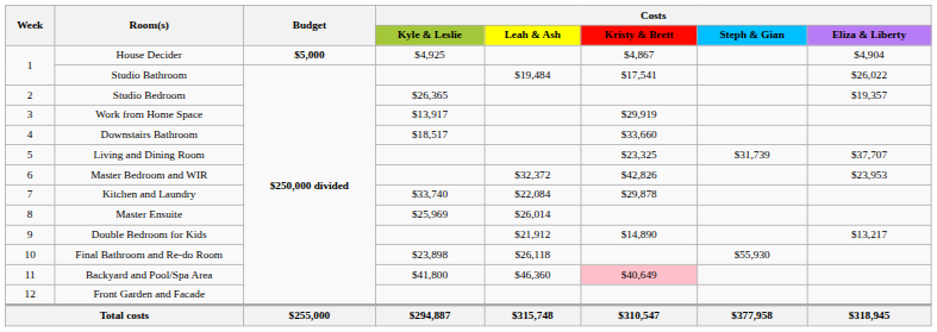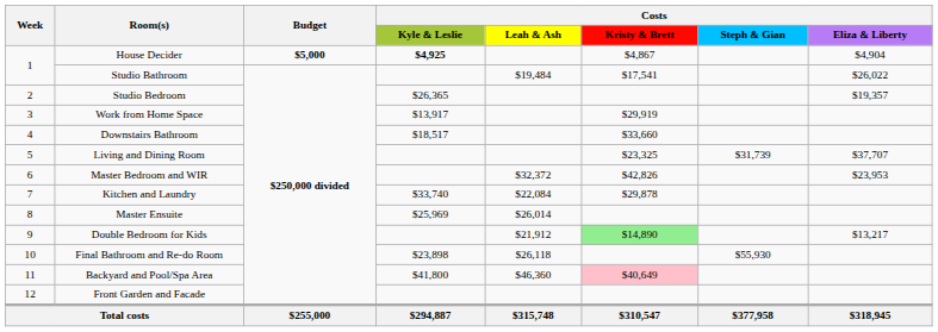 <table class="wikitable" style="text-align:center; font-size: 9pt; line-height:16px; width:80%">
 <tr>
 <th rowspan=2>Week</th>
 <th rowspan="2" style="width:200px;">Room(s)</th>
 <th rowspan="2">Budget</th>
 <th colspan=5>Costs</th>
 </tr>
 <tr>
 <th style="background:#A4C639; color:black;">Kyle & Leslie</th>
 <th style="background:yellow; color:black;">Leah & Ash</th>
 <th style="background:#FF0800; color:black;">Kristy & Brett</th>
 <th style="background:#00BFFF; color:black;">Steph & Gian</th>
 <th style="background:#B87BF6; color:black;">Eliza & Liberty</th>
 </tr>
 <tr>
 <td rowspan=2>1</td>
 <td>House Decider</td>
 <td><strong>$5,000</strong></td>
-<td>$4,925</td>
+<td><strong>$4,925</strong></td>
 <td></td>
 <td>$4,867</td>
 <td></td>
 <td>$4,904</td>
 </tr>
 <tr>
 <td>Studio Bathroom</td>
 <td rowspan=12><strong>$250,000 divided</strong></td>
 <td></td>
 <td>$19,484</td>
 <td>$17,541</td>
 <td></td>
 <td>$26,022</td>
 </tr>
 <tr>
 <td>2</td>
 <td>Studio Bedroom</td>
 <td>$26,365</td>
 <td></td>
 <td></td>
 <td></td>
 <td>$19,357</td>
 </tr>
 <tr>
 <td>3</td>
 <td>Work from Home Space</td>
 <td>$13,917</td>
 <td></td>
 <td>$29,919</td>
 <td></td>
 <td></td>
 </tr>
 <tr>
 <td>4</td>
 <td>Downstairs Bathroom</td>
 <td>$18,517</td>
 <td></td>
 <td>$33,660</td>
 <td></td>
 <td></td>
 </tr>
 <tr>
 <td>5</td>
 <td>Living and Dining Room</td>
 <td></td>
 <td></td>
 <td>$23,325</td>
 <td>$31,739</td>
 <td>$37,707</td>
 </tr>
 <tr>
 <td>6</td>
 <td>Master Bedroom and WIR</td>
 <td></td>
 <td>$32,372</td>
 <td>$42,826</td>
 <td></td>
 <td>$23,953</td>
 </tr>
 <tr>
 <td>7</td>
 <td>Kitchen and Laundry</td>
 <td>$33,740</td>
 <td>$22,084</td>
 <td>$29,878</td>
 <td></td>
 <td></td>
 </tr>
 <tr>
 <td>8</td>
 <td>Master Ensuite</td>
 <td>$25,969</td>
 <td>$26,014</td>
 <td></td>
 <td></td>
 <td></td>
 </tr>
 <tr>
 <td>9</td>
 <td>Double Bedroom for Kids</td>
 <td></td>
 <td>$21,912</td>
-<td>$14,890</td>
+<td style="background: lightgreen;">$14,890</td>
 <td></td>
 <td>$13,217</td>
 </tr>
 <tr>
 <td>10</td>
 <td>Final Bathroom and Re-do Room</td>
 <td>$23,898</td>
 <td>$26,118</td>
 <td></td>
 <td>$55,930</td>
 <td></td>
 </tr>
 <tr>
 <td>11</td>
 <td>Backyard and Pool/Spa Area</td>
 <td>$41,800</td>
 <td>$46,360</td>
 <td style="background: pink;">$40,649</td>
 <td></td>
 <td></td>
 </tr>
 <tr>
 <td>12</td>
 <td>Front Garden and Facade</td>
 <td></td>
 <td></td>
 <td></td>
 <td></td>
 <td></td>
 </tr>
 <tr>
 </tr>
 <tr style="border-top:3px solid #aaa;">
 <th colspan=2>Total costs</th>
 <th><strong>$255,000</strong></th>
 <th>$294,887</th>
 <th>$315,748</th>
 <th>$310,547</th>
 <th>$377,958</th>
 <th>$318,945</th>
 </tr>
 </table>
